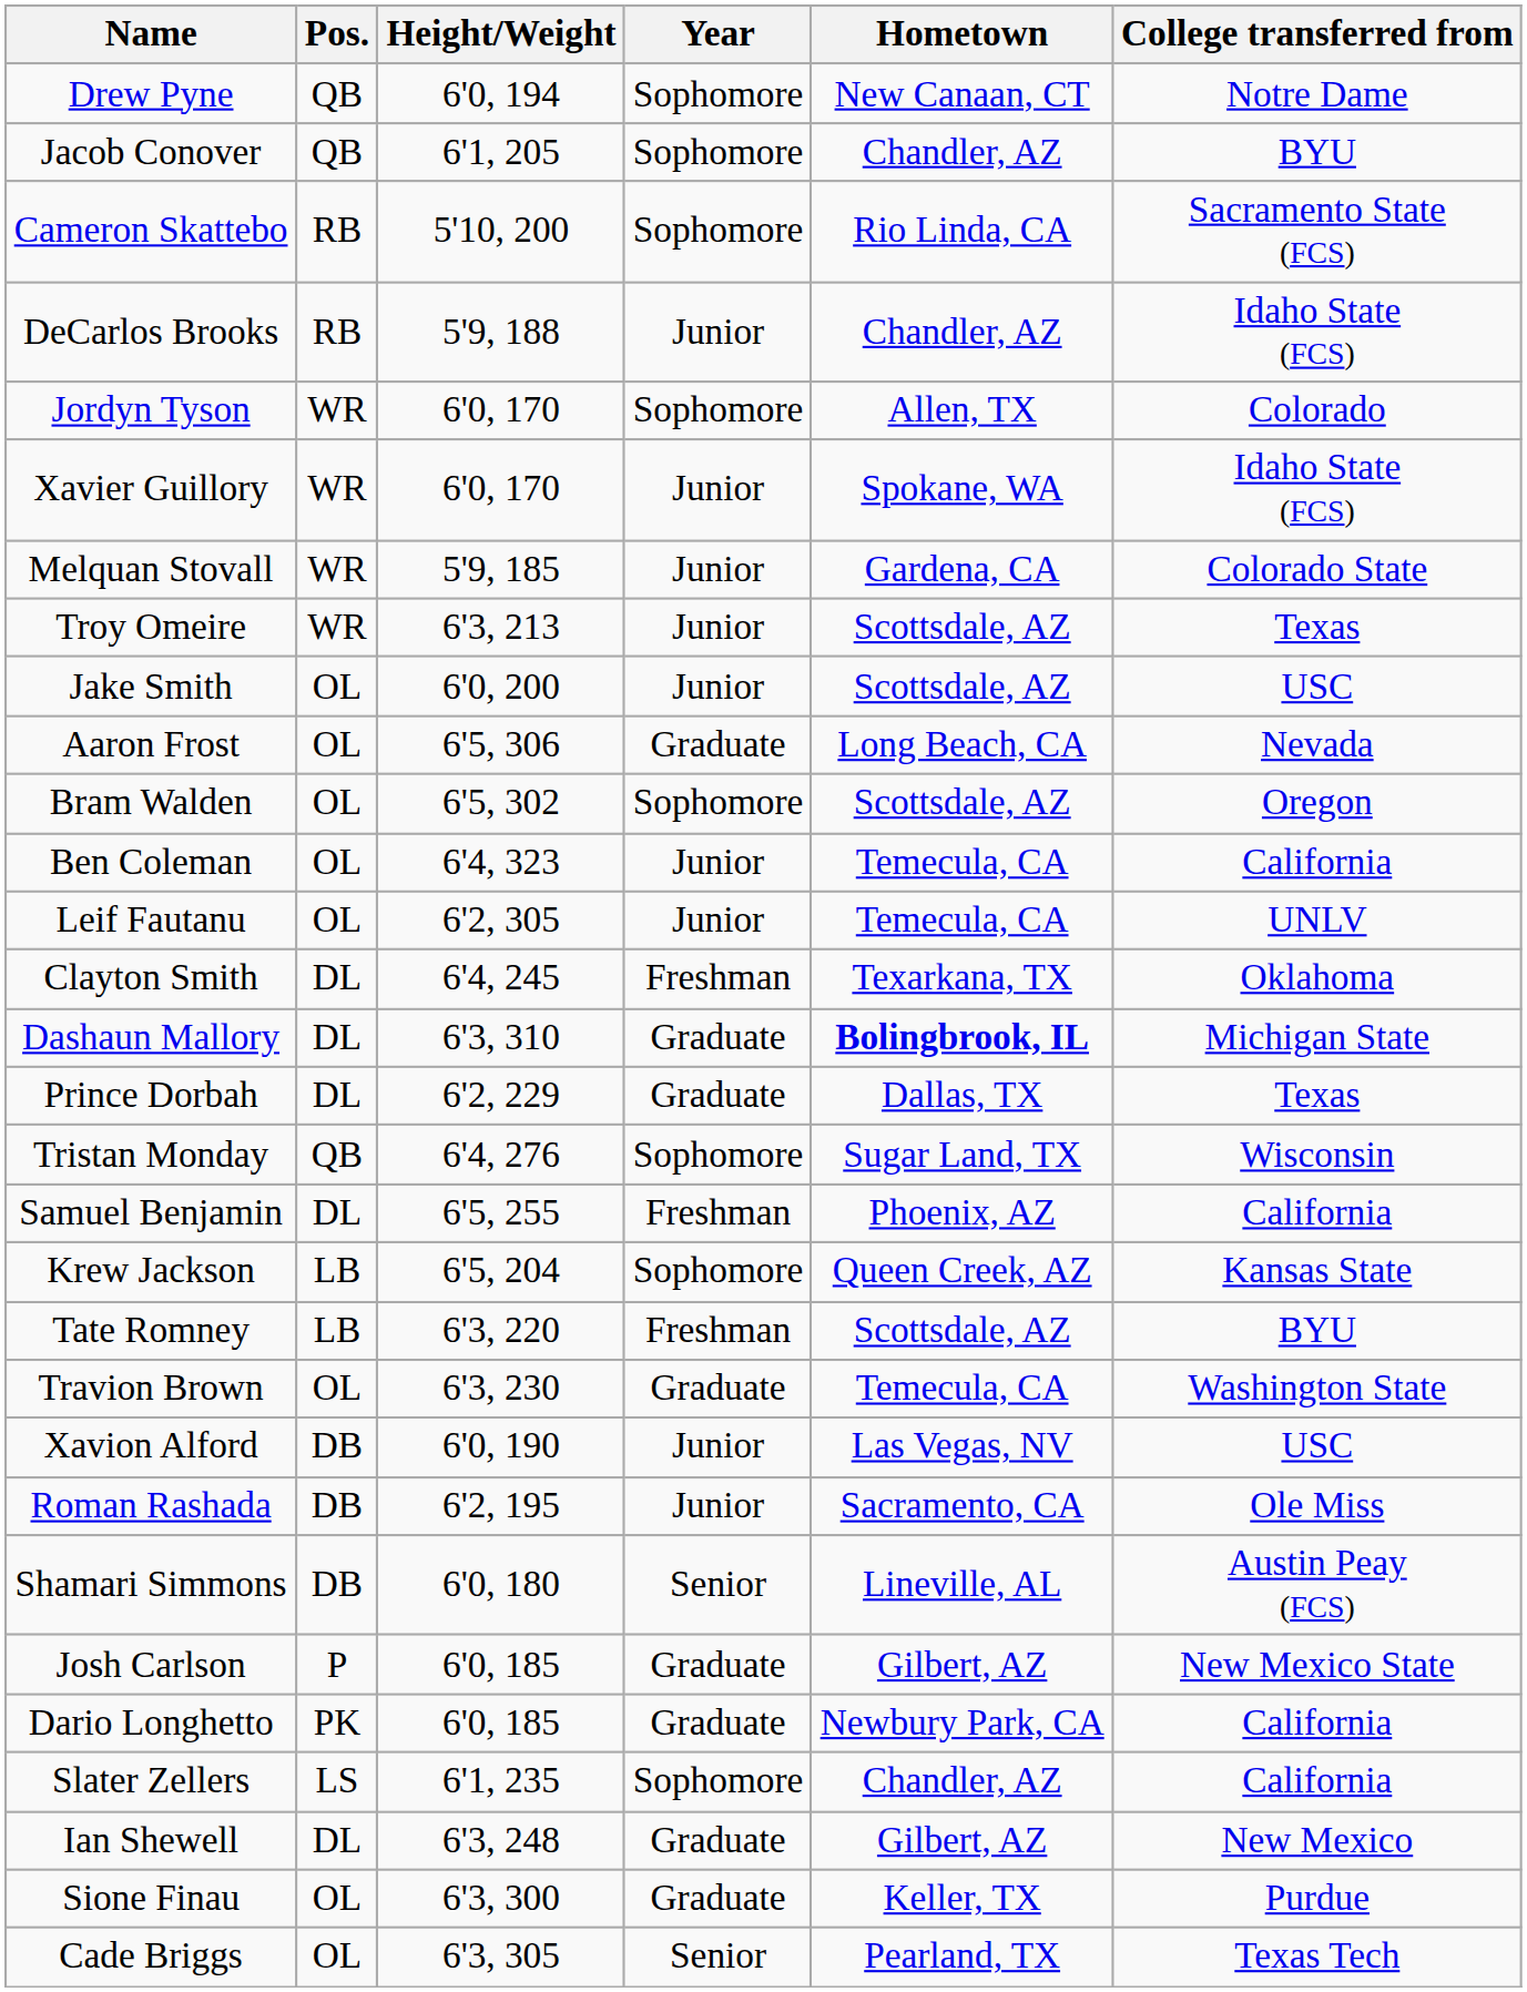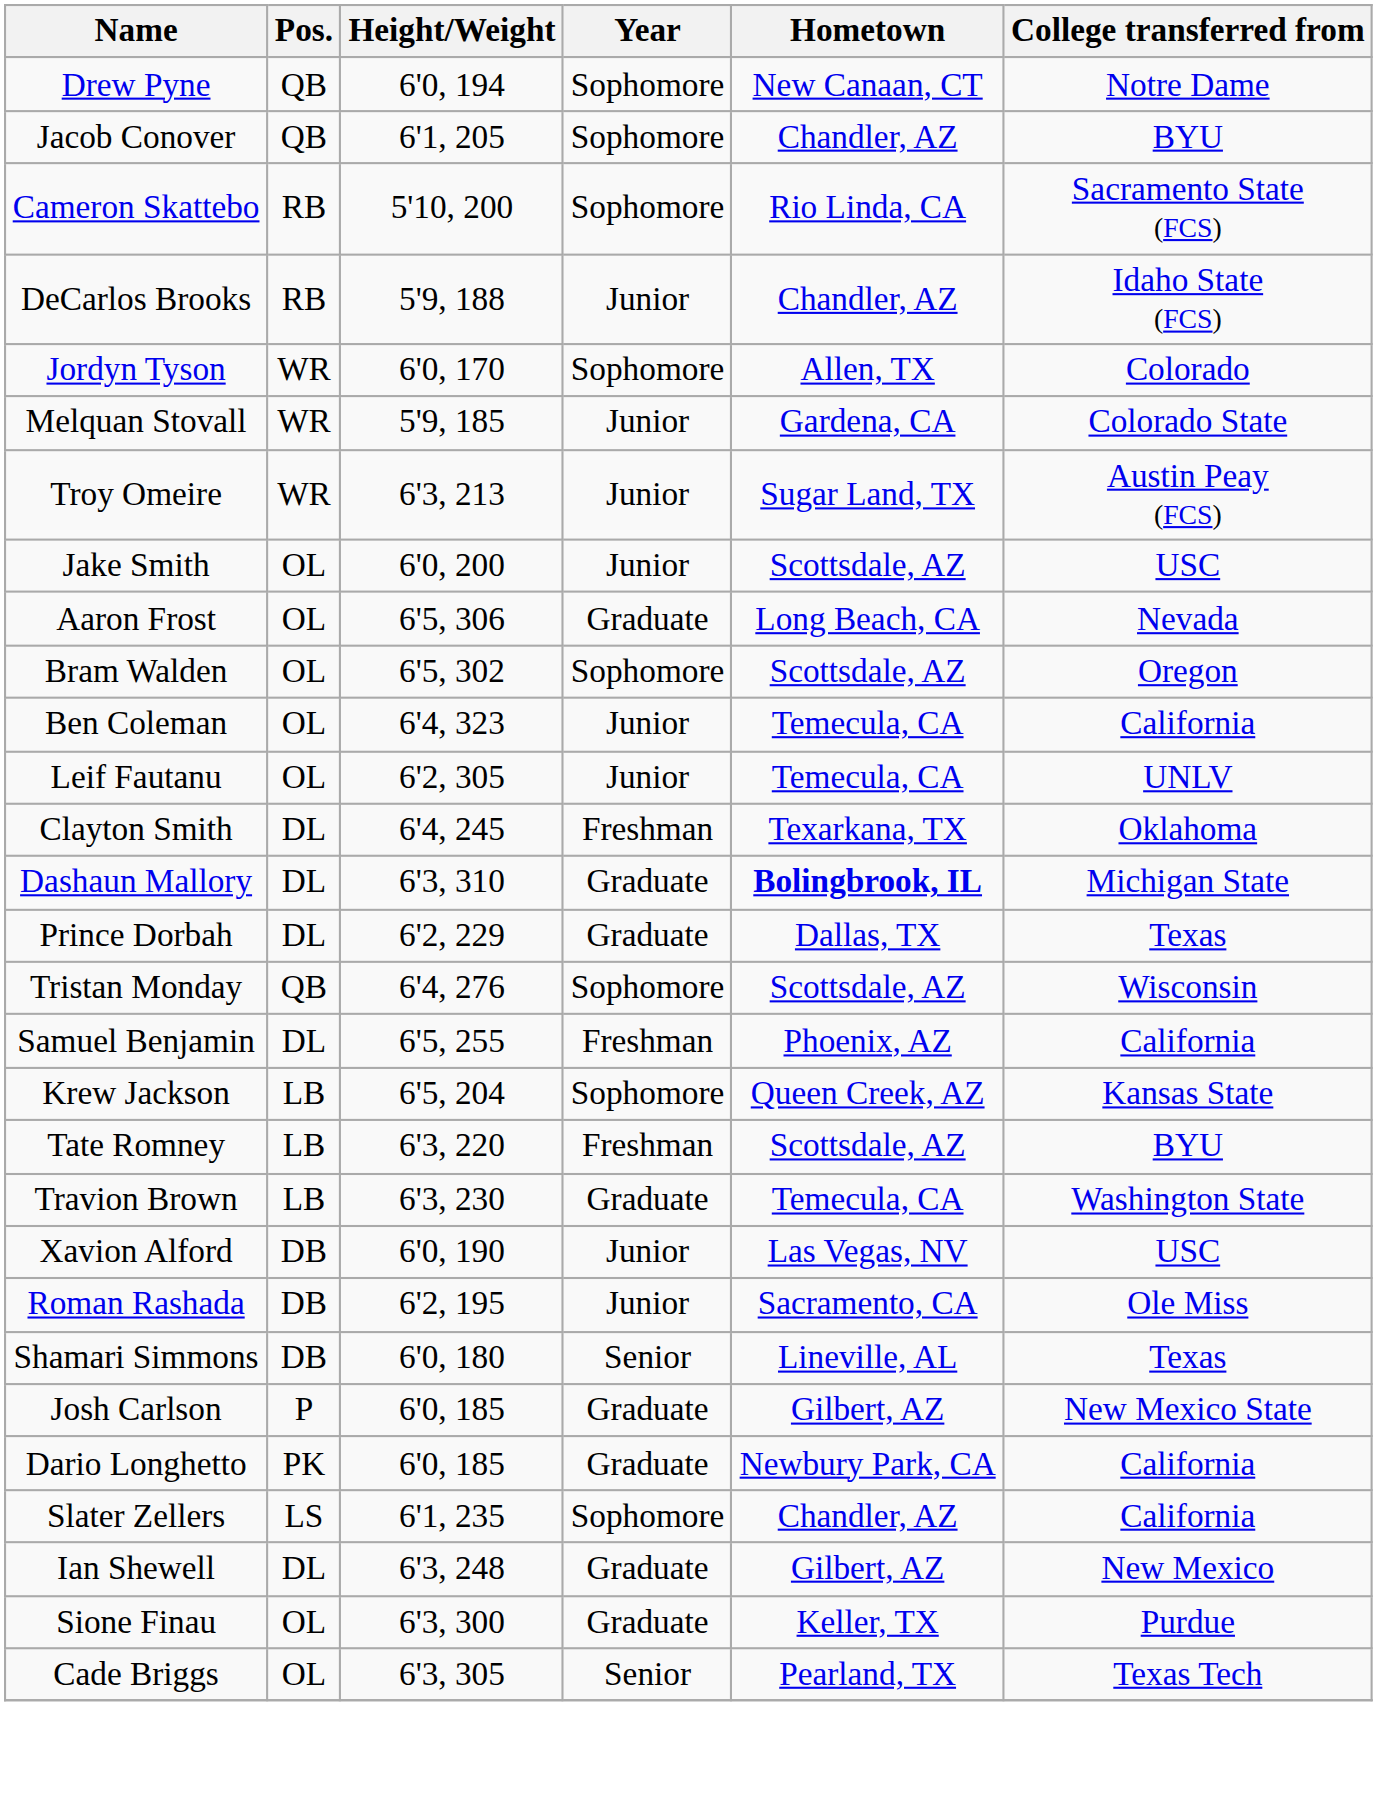 <table class="wikitable sortable sortable" style="text-align: center">
 <tr style="text-align:center">
 <th style="text-align:center; ">Name</th>
 <th style="text-align:center; ">Pos.</th>
 <th style="text-align:center; ">Height/Weight</th>
 <th style="text-align:center; ">Year</th>
 <th style="text-align:center; ">Hometown</th>
 <th style="text-align:center; ">College transferred from</th>
 </tr>
 <tr>
 <td><a href='#'>Drew Pyne</a></td>
 <td>QB</td>
 <td>6'0, 194</td>
 <td> Sophomore</td>
 <td><a href='#'>New Canaan, CT</a></td>
 <td><a href='#'>Notre Dame</a></td>
 </tr>
 <tr>
 <td>Jacob Conover</td>
 <td>QB</td>
 <td>6'1, 205</td>
 <td> Sophomore</td>
 <td><a href='#'>Chandler, AZ</a></td>
 <td><a href='#'>BYU</a></td>
 </tr>
 <tr>
 <td><a href='#'>Cameron Skattebo</a></td>
 <td>RB</td>
 <td>5'10, 200</td>
 <td> Sophomore</td>
 <td><a href='#'>Rio Linda, CA</a></td>
 <td><a href='#'>Sacramento State</a><br><small>(<a href='#'>FCS</a>)</small></td>
 </tr>
 <tr>
 <td>DeCarlos Brooks</td>
 <td>RB</td>
 <td>5'9, 188</td>
 <td> Junior</td>
 <td><a href='#'>Chandler, AZ</a></td>
 <td><a href='#'>Idaho State</a><br><small>(<a href='#'>FCS</a>)</small></td>
 </tr>
 <tr>
 <td><a href='#'>Jordyn Tyson</a></td>
 <td>WR</td>
 <td>6'0, 170</td>
 <td>Sophomore</td>
 <td><a href='#'>Allen, TX</a></td>
 <td><a href='#'>Colorado</a></td>
 </tr>
 <tr>
-<td>Xavier Guillory</td>
-<td>WR</td>
-<td>6'0, 170</td>
-<td> Junior</td>
-<td><a href='#'>Spokane, WA</a></td>
-<td><a href='#'>Idaho State</a><br><small>(<a href='#'>FCS</a>)</small></td>
-</tr>
-<tr>
 <td>Melquan Stovall</td>
 <td>WR</td>
 <td>5'9, 185</td>
 <td> Junior</td>
 <td><a href='#'>Gardena, CA</a></td>
 <td><a href='#'>Colorado State</a></td>
 </tr>
 <tr>
 <td>Troy Omeire</td>
 <td>WR</td>
 <td>6'3, 213</td>
 <td> Junior</td>
-<td><a href='#'>Scottsdale, AZ</a></td>
-<td><a href='#'>Texas</a></td>
+<td><a href='#'>Sugar Land, TX</a></td>
+<td><a href='#'>Austin Peay</a><br><small>(<a href='#'>FCS</a>)</small></td>
 </tr>
 <tr>
 <td>Jake Smith</td>
 <td>OL</td>
 <td>6'0, 200</td>
 <td> Junior</td>
 <td><a href='#'>Scottsdale, AZ</a></td>
 <td><a href='#'>USC</a></td>
 </tr>
 <tr>
 <td>Aaron Frost</td>
 <td>OL</td>
 <td>6'5, 306</td>
 <td>Graduate</td>
 <td><a href='#'>Long Beach, CA</a></td>
 <td><a href='#'>Nevada</a></td>
 </tr>
 <tr>
 <td>Bram Walden</td>
 <td>OL</td>
 <td>6'5, 302</td>
 <td> Sophomore</td>
 <td><a href='#'>Scottsdale, AZ</a></td>
 <td><a href='#'>Oregon</a></td>
 </tr>
 <tr>
 <td>Ben Coleman</td>
 <td>OL</td>
 <td>6'4, 323</td>
 <td> Junior</td>
 <td><a href='#'>Temecula, CA</a></td>
 <td><a href='#'>California</a></td>
 </tr>
 <tr>
 <td>Leif Fautanu</td>
 <td>OL</td>
 <td>6'2, 305</td>
 <td> Junior</td>
 <td><a href='#'>Temecula, CA</a></td>
 <td><a href='#'>UNLV</a></td>
 </tr>
 <tr>
 <td>Clayton Smith</td>
 <td>DL</td>
 <td>6'4, 245</td>
 <td> Freshman</td>
 <td><a href='#'>Texarkana, TX</a></td>
 <td><a href='#'>Oklahoma</a></td>
 </tr>
 <tr>
 <td><a href='#'>Dashaun Mallory</a></td>
 <td>DL</td>
 <td>6'3, 310</td>
 <td>Graduate</td>
 <td><strong><a href='#'>Bolingbrook, IL</a></strong></td>
 <td><a href='#'>Michigan State</a></td>
 </tr>
 <tr>
 <td>Prince Dorbah</td>
 <td>DL</td>
 <td>6'2, 229</td>
 <td>Graduate</td>
 <td><a href='#'>Dallas, TX</a></td>
 <td><a href='#'>Texas</a></td>
 </tr>
 <tr>
 <td>Tristan Monday</td>
 <td>QB</td>
 <td>6'4, 276</td>
 <td> Sophomore</td>
-<td><a href='#'>Sugar Land, TX</a></td>
+<td><a href='#'>Scottsdale, AZ</a></td>
 <td><a href='#'>Wisconsin</a></td>
 </tr>
 <tr>
 <td>Samuel Benjamin</td>
 <td>DL</td>
 <td>6'5, 255</td>
 <td> Freshman</td>
 <td><a href='#'>Phoenix, AZ</a></td>
 <td><a href='#'>California</a></td>
 </tr>
 <tr>
 <td>Krew Jackson</td>
 <td>LB</td>
 <td>6'5, 204</td>
 <td> Sophomore</td>
 <td><a href='#'>Queen Creek, AZ</a></td>
 <td><a href='#'>Kansas State</a></td>
 </tr>
 <tr>
 <td>Tate Romney</td>
 <td>LB</td>
 <td>6'3, 220</td>
 <td> Freshman</td>
 <td><a href='#'>Scottsdale, AZ</a></td>
 <td><a href='#'>BYU</a></td>
 </tr>
 <tr>
 <td>Travion Brown</td>
-<td>OL</td>
+<td>LB</td>
 <td>6'3, 230</td>
 <td>Graduate</td>
 <td><a href='#'>Temecula, CA</a></td>
 <td><a href='#'>Washington State</a></td>
 </tr>
 <tr>
 <td>Xavion Alford</td>
 <td>DB</td>
 <td>6'0, 190</td>
 <td> Junior</td>
 <td><a href='#'>Las Vegas, NV</a></td>
 <td><a href='#'>USC</a></td>
 </tr>
 <tr>
 <td><a href='#'>Roman Rashada</a></td>
 <td>DB</td>
 <td>6'2, 195</td>
 <td> Junior</td>
 <td><a href='#'>Sacramento, CA</a></td>
 <td><a href='#'>Ole Miss</a></td>
 </tr>
 <tr>
 <td>Shamari Simmons</td>
 <td>DB</td>
 <td>6'0, 180</td>
 <td> Senior</td>
 <td><a href='#'>Lineville, AL</a></td>
-<td><a href='#'>Austin Peay</a><br><small>(<a href='#'>FCS</a>)</small></td>
+<td><a href='#'>Texas</a></td>
 </tr>
 <tr>
 <td>Josh Carlson</td>
 <td>P</td>
 <td>6'0, 185</td>
 <td>Graduate</td>
 <td><a href='#'>Gilbert, AZ</a></td>
 <td><a href='#'>New Mexico State</a></td>
 </tr>
 <tr>
 <td>Dario Longhetto</td>
 <td>PK</td>
 <td>6'0, 185</td>
 <td>Graduate</td>
 <td><a href='#'>Newbury Park, CA</a></td>
 <td><a href='#'>California</a></td>
 </tr>
 <tr>
 <td>Slater Zellers</td>
 <td>LS</td>
 <td>6'1, 235</td>
 <td> Sophomore</td>
 <td><a href='#'>Chandler, AZ</a></td>
 <td><a href='#'>California</a></td>
 </tr>
 <tr>
 <td>Ian Shewell</td>
 <td>DL</td>
 <td>6'3, 248</td>
 <td>Graduate</td>
 <td><a href='#'>Gilbert, AZ</a></td>
 <td><a href='#'>New Mexico</a></td>
 </tr>
 <tr>
 <td>Sione Finau</td>
 <td>OL</td>
 <td>6'3, 300</td>
 <td>Graduate</td>
 <td><a href='#'>Keller, TX</a></td>
 <td><a href='#'>Purdue</a></td>
 </tr>
 <tr>
 <td>Cade Briggs</td>
 <td>OL</td>
 <td>6'3, 305</td>
 <td>Senior</td>
 <td><a href='#'>Pearland, TX</a></td>
 <td><a href='#'>Texas Tech</a></td>
 </tr>
 <tr>
 </tr>
 </table>
